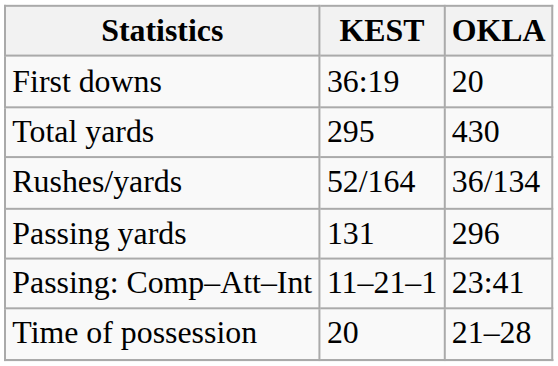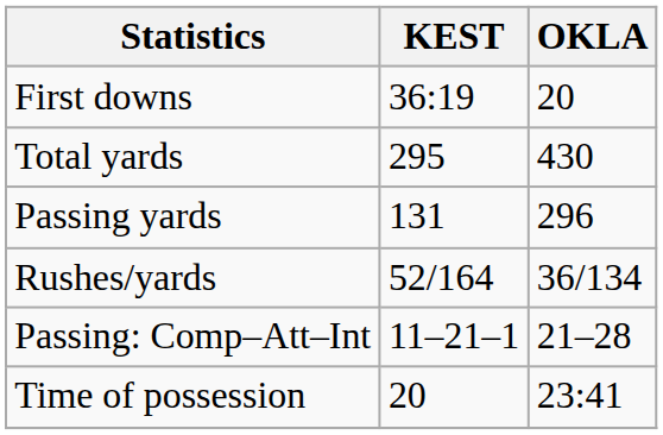 <table class="wikitable" style="float: left;">
 <tr>
 <th>Statistics</th>
 <th>KEST</th>
 <th>OKLA</th>
 </tr>
 <tr>
 <td>First downs</td>
 <td>36:19</td>
 <td>20</td>
 </tr>
 <tr>
 <td>Total yards</td>
 <td>295</td>
 <td>430</td>
 </tr>
 <tr>
+<td>Passing yards</td>
+<td>131</td>
+<td>296</td>
+</tr>
+<tr>
 <td>Rushes/yards</td>
 <td>52/164</td>
 <td>36/134</td>
 </tr>
 <tr>
-<td>Passing yards</td>
-<td>131</td>
-<td>296</td>
-</tr>
-<tr>
 <td>Passing: Comp–Att–Int</td>
 <td>11–21–1</td>
-<td>23:41</td>
+<td>21–28</td>
 </tr>
 <tr>
 <td>Time of possession</td>
 <td>20</td>
-<td>21–28</td>
+<td>23:41</td>
 </tr>
 <tr>
 </tr>
 </table>
